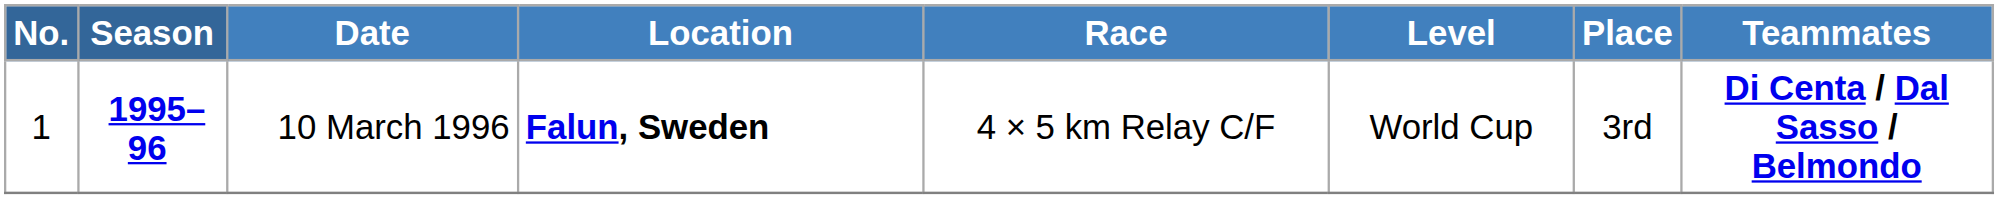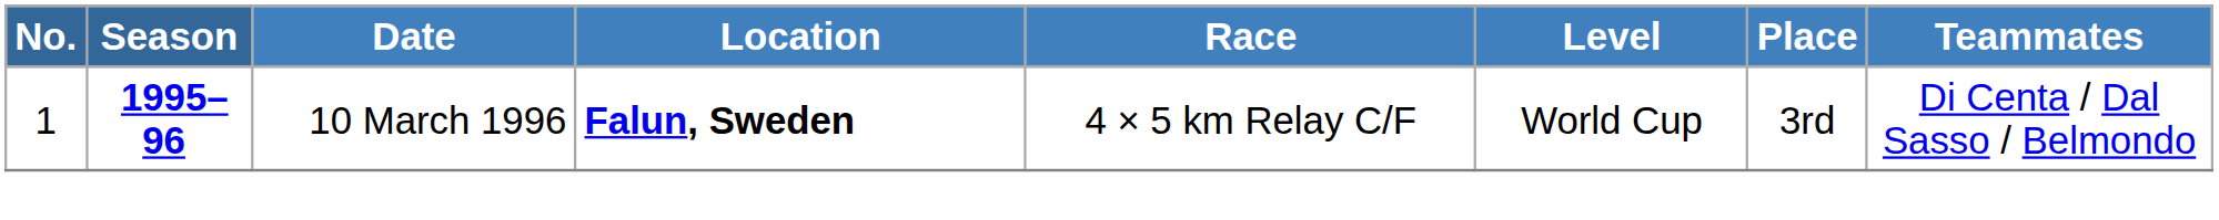 <table class="wikitable sortable" style="font-size:95%; text-align:center; border:grey solid 1px; border-collapse:collapse; background:#ffffff;">
 <tr style="background:#efefef;">
 <th style="background-color:#369; color:white;">No.</th>
 <th style="background-color:#369; color:white;">Season</th>
 <th style="background-color:#4180be; color:white; width:120px;">Date</th>
 <th style="background-color:#4180be; color:white; width:170px;">Location</th>
 <th style="background-color:#4180be; color:white; width:170px;">Race</th>
 <th style="background-color:#4180be; color:white; width:100px;">Level</th>
 <th style="background-color:#4180be; color:white;">Place</th>
 <th style="background-color:#4180be; color:white;">Teammates</th>
 </tr>
 <tr>
 <td align=center>1</td>
 <td rowspan=1 align=center><strong> <a href='#'>1995–96</a> </strong></td>
 <td align=right>10 March 1996</td>
 <td align=left><strong> <a href='#'>Falun</a>, Sweden</strong></td>
 <td>4 × 5 km Relay C/F</td>
 <td>World Cup</td>
 <td>3rd</td>
-<td><strong><a href='#'>Di Centa</a> / <a href='#'>Dal Sasso</a> / <a href='#'>Belmondo</a></strong></td>
+<td><a href='#'>Di Centa</a> / <a href='#'>Dal Sasso</a> / <a href='#'>Belmondo</a></td>
 </tr>
 <tr>
 </tr>
 </table>
